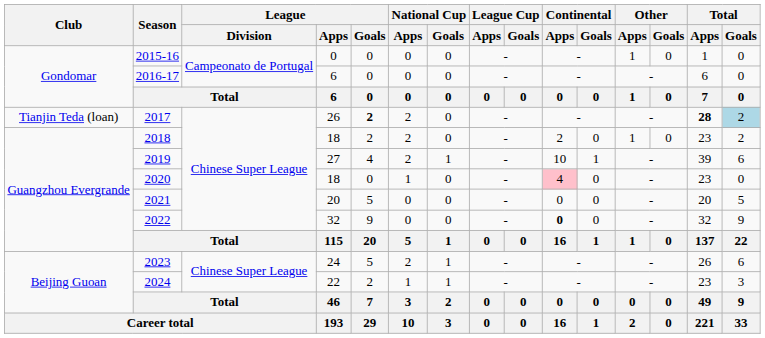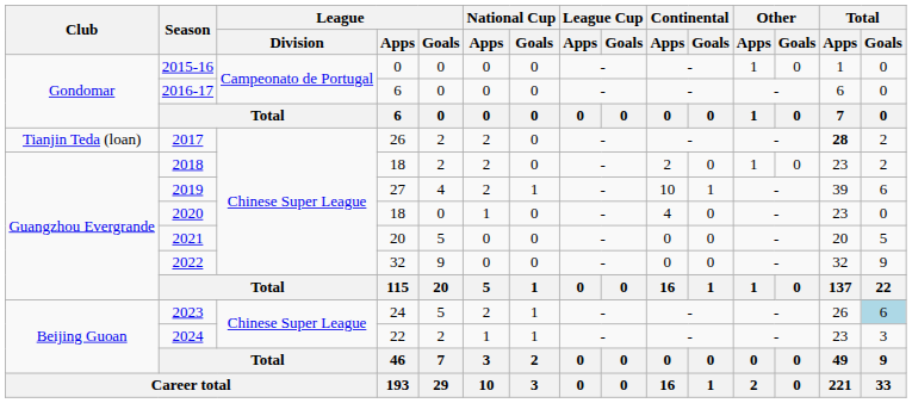 <table class="wikitable" style="text-align: center">
 <tr>
 <th rowspan="2">Club</th>
 <th rowspan="2">Season</th>
 <th colspan="3">League</th>
 <th colspan="2">National Cup</th>
 <th colspan="2">League Cup</th>
 <th colspan="2">Continental</th>
 <th colspan="2">Other</th>
 <th colspan="2">Total</th>
 </tr>
 <tr>
 <th>Division</th>
 <th>Apps</th>
 <th>Goals</th>
 <th>Apps</th>
 <th>Goals</th>
 <th>Apps</th>
 <th>Goals</th>
 <th>Apps</th>
 <th>Goals</th>
 <th>Apps</th>
 <th>Goals</th>
 <th>Apps</th>
 <th>Goals</th>
 </tr>
 <tr>
 <td rowspan="3"><a href='#'>Gondomar</a></td>
 <td><a href='#'>2015-16</a></td>
 <td rowspan="2"><a href='#'>Campeonato de Portugal</a></td>
 <td>0</td>
 <td>0</td>
 <td>0</td>
 <td>0</td>
 <td colspan="2">-</td>
 <td colspan="2">-</td>
 <td>1</td>
 <td>0</td>
 <td>1</td>
 <td>0</td>
 </tr>
 <tr>
 <td><a href='#'>2016-17</a></td>
 <td>6</td>
 <td>0</td>
 <td>0</td>
 <td>0</td>
 <td colspan="2">-</td>
 <td colspan="2">-</td>
 <td colspan="2">-</td>
 <td>6</td>
 <td>0</td>
 </tr>
 <tr>
 <th colspan="2"><strong>Total</strong></th>
 <th>6</th>
 <th>0</th>
 <th>0</th>
 <th>0</th>
 <th>0</th>
 <th>0</th>
 <th>0</th>
 <th>0</th>
 <th>1</th>
 <th>0</th>
 <th>7</th>
 <th>0</th>
 </tr>
 <tr>
 <td><a href='#'>Tianjin Teda</a> (loan)</td>
 <td><a href='#'>2017</a></td>
 <td rowspan=6><a href='#'>Chinese Super League</a></td>
 <td>26</td>
-<td><strong>2</strong></td>
+<td>2</td>
 <td>2</td>
 <td>0</td>
 <td colspan="2">-</td>
 <td colspan="2">-</td>
 <td colspan="2">-</td>
 <td><strong>28</strong></td>
-<td style="background: lightblue;">2</td>
+<td>2</td>
 </tr>
 <tr>
 <td rowspan=6><a href='#'>Guangzhou Evergrande</a></td>
 <td><a href='#'>2018</a></td>
 <td>18</td>
 <td>2</td>
 <td>2</td>
 <td>0</td>
 <td colspan=2>-</td>
 <td>2</td>
 <td>0</td>
 <td>1</td>
 <td>0</td>
 <td>23</td>
 <td>2</td>
 </tr>
 <tr>
 <td><a href='#'>2019</a></td>
 <td>27</td>
 <td>4</td>
 <td>2</td>
 <td>1</td>
 <td colspan=2>-</td>
 <td>10</td>
 <td>1</td>
 <td colspan="2">-</td>
 <td>39</td>
 <td>6</td>
 </tr>
 <tr>
 <td><a href='#'>2020</a></td>
 <td>18</td>
 <td>0</td>
 <td>1</td>
 <td>0</td>
 <td colspan=2>-</td>
-<td style="background: pink;">4</td>
+<td>4</td>
 <td>0</td>
 <td colspan="2">-</td>
 <td>23</td>
 <td>0</td>
 </tr>
 <tr>
 <td><a href='#'>2021</a></td>
 <td>20</td>
 <td>5</td>
 <td>0</td>
 <td>0</td>
 <td colspan=2>-</td>
 <td>0</td>
 <td>0</td>
 <td colspan="2">-</td>
 <td>20</td>
 <td>5</td>
 </tr>
 <tr>
 <td><a href='#'>2022</a></td>
 <td>32</td>
 <td>9</td>
 <td>0</td>
 <td>0</td>
 <td colspan=2>-</td>
-<td><strong>0</strong></td>
+<td>0</td>
 <td>0</td>
 <td colspan="2">-</td>
 <td>32</td>
 <td>9</td>
 </tr>
 <tr>
 <th colspan="2"><strong>Total</strong></th>
 <th>115</th>
 <th>20</th>
 <th>5</th>
 <th>1</th>
 <th>0</th>
 <th>0</th>
 <th>16</th>
 <th>1</th>
 <th>1</th>
 <th>0</th>
 <th>137</th>
 <th>22</th>
 </tr>
 <tr>
 <td rowspan=3><a href='#'>Beijing Guoan</a></td>
 <td><a href='#'>2023</a></td>
 <td rowspan=2><a href='#'>Chinese Super League</a></td>
 <td>24</td>
 <td>5</td>
 <td>2</td>
 <td>1</td>
 <td colspan="2">-</td>
 <td colspan="2">-</td>
 <td colspan="2">-</td>
 <td>26</td>
-<td>6</td>
+<td style="background: lightblue;">6</td>
 </tr>
 <tr>
 <td><a href='#'>2024</a></td>
 <td>22</td>
 <td>2</td>
 <td>1</td>
 <td>1</td>
 <td colspan=2>-</td>
 <td colspan="2">-</td>
 <td colspan="2">-</td>
 <td>23</td>
 <td>3</td>
 </tr>
 <tr>
 <th colspan="2"><strong>Total</strong></th>
 <th>46</th>
 <th>7</th>
 <th>3</th>
 <th>2</th>
 <th>0</th>
 <th>0</th>
 <th>0</th>
 <th>0</th>
 <th>0</th>
 <th>0</th>
 <th>49</th>
 <th>9</th>
 </tr>
 <tr>
 <th colspan=3>Career total</th>
 <th>193</th>
 <th>29</th>
 <th>10</th>
 <th>3</th>
 <th>0</th>
 <th>0</th>
 <th>16</th>
 <th>1</th>
 <th>2</th>
 <th>0</th>
 <th>221</th>
 <th>33</th>
 </tr>
 </table>
